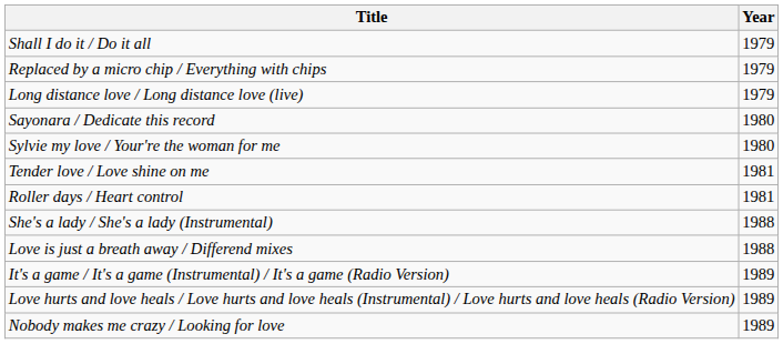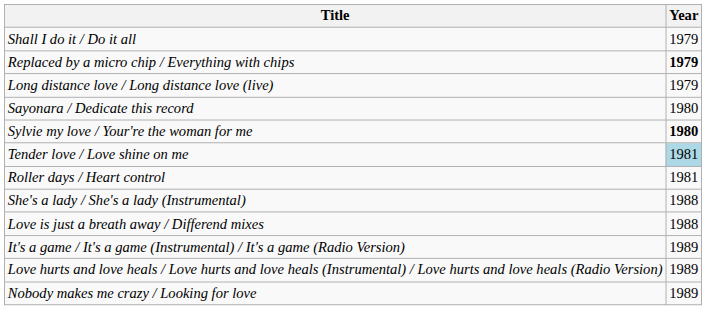 <table class="wikitable">
 <tr>
 <th>Title</th>
 <th>Year</th>
 </tr>
 <tr>
 <td><em>Shall I do it / Do it all</em></td>
 <td>1979</td>
 </tr>
 <tr>
 <td><em>Replaced by a micro chip / Everything with chips</em></td>
-<td>1979</td>
+<td><strong>1979</strong></td>
 </tr>
 <tr>
 <td><em>Long distance love / Long distance love (live)</em></td>
 <td>1979</td>
 </tr>
 <tr>
 <td><em>Sayonara / Dedicate this record</em></td>
 <td>1980</td>
 </tr>
 <tr>
 <td><em>Sylvie my love / Your're the woman for me</em></td>
-<td>1980</td>
+<td><strong>1980</strong></td>
 </tr>
 <tr>
 <td><em>Tender love / Love shine on me</em></td>
-<td>1981</td>
+<td style="background: lightblue;">1981</td>
 </tr>
 <tr>
 <td><em>Roller days / Heart control</em></td>
 <td>1981</td>
 </tr>
 <tr>
 <td><em>She's a lady / She's a lady (Instrumental)</em></td>
 <td>1988</td>
 </tr>
 <tr>
 <td><em>Love is just a breath away / Differend mixes</em></td>
 <td>1988</td>
 </tr>
 <tr>
 <td><em>It's a game / It's a game (Instrumental) / It's a game (Radio Version)</em></td>
 <td>1989</td>
 </tr>
 <tr>
 <td><em>Love hurts and love heals / Love hurts and love heals (Instrumental) / Love hurts and love heals (Radio Version)</em></td>
 <td>1989</td>
 </tr>
 <tr>
 <td><em>Nobody makes me crazy / Looking for love</em></td>
 <td>1989</td>
 </tr>
 </table>
